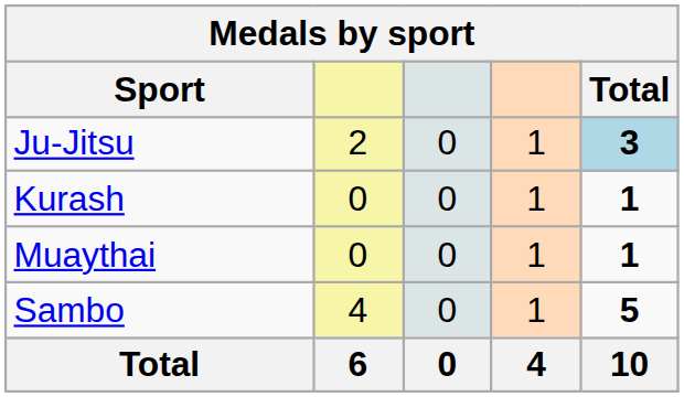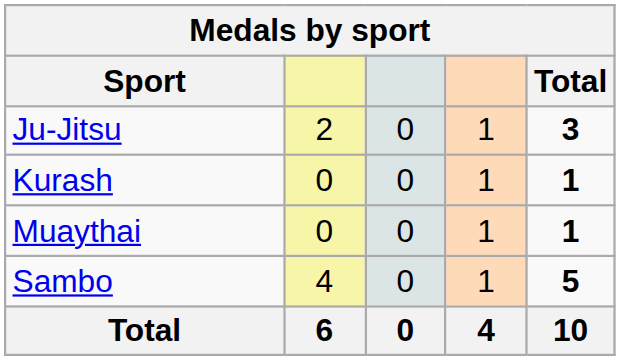 <table class="wikitable" style="font-size:90%; text-align:center;">
 <tr>
 <th colspan=5>Medals by sport</th>
 </tr>
 <tr>
 <th width=120>Sport</th>
 <th scope="col" width=30 style="background:#F7F6A8;"></th>
 <th scope="col" width=30 style="background:#DCE5E5;"></th>
 <th scope="col" width=30 style="background:#FFDAB9;"></th>
 <th width=30>Total</th>
 </tr>
 <tr>
 <td align=left> <a href='#'>Ju-Jitsu</a></td>
 <td style="background:#F7F6A8;">2</td>
 <td style="background:#DCE5E5;">0</td>
 <td style="background:#FFDAB9;">1</td>
-<td style="background: lightblue;"><strong>3</strong></td>
+<td><strong>3</strong></td>
 </tr>
 <tr>
 <td align=left> <a href='#'>Kurash</a></td>
 <td style="background:#F7F6A8;">0</td>
 <td style="background:#DCE5E5;">0</td>
 <td style="background:#FFDAB9;">1</td>
 <td><strong>1</strong></td>
 </tr>
 <tr>
 <td align=left> <a href='#'>Muaythai</a></td>
 <td style="background:#F7F6A8;">0</td>
 <td style="background:#DCE5E5;">0</td>
 <td style="background:#FFDAB9;">1</td>
 <td><strong>1</strong></td>
 </tr>
 <tr>
 <td align=left> <a href='#'>Sambo</a></td>
 <td style="background:#F7F6A8;">4</td>
 <td style="background:#DCE5E5;">0</td>
 <td style="background:#FFDAB9;">1</td>
 <td><strong>5</strong></td>
 </tr>
 <tr class="sortbottom">
 <th>Total</th>
 <th>6</th>
 <th>0</th>
 <th>4</th>
 <th>10</th>
 </tr>
 </table>
